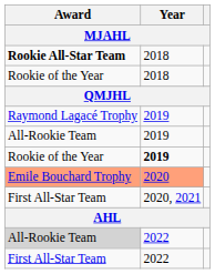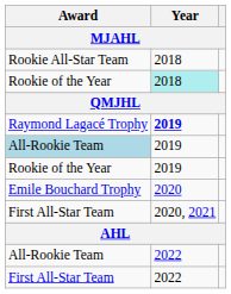 <table class="wikitable">
 <tr>
 <th>Award</th>
 <th>Year</th>
 <th></th>
 </tr>
 <tr ALIGN="center" bgcolor="#e0e0e0">
 <th colspan="3"><a href='#'>MJAHL</a></th>
 </tr>
 <tr>
-<td><strong>Rookie All-Star Team</strong></td>
+<td>Rookie All-Star Team</td>
 <td>2018</td>
 <td></td>
 </tr>
 <tr>
 <td>Rookie of the Year</td>
-<td>2018</td>
+<td style="background: paleturquoise;">2018</td>
 <td></td>
 </tr>
 <tr ALIGN="center" bgcolor="#e0e0e0">
 <th colspan="3"><a href='#'>QMJHL</a></th>
 </tr>
 <tr>
 <td><a href='#'>Raymond Lagacé Trophy</a></td>
-<td><a href='#'>2019</a></td>
+<td><strong><a href='#'>2019</a></strong></td>
 <td></td>
 </tr>
 <tr>
-<td>All-Rookie Team</td>
+<td style="background: lightblue;">All-Rookie Team</td>
 <td>2019</td>
 <td></td>
 </tr>
 <tr>
 <td>Rookie of the Year</td>
-<td><strong>2019</strong></td>
+<td>2019</td>
 <td></td>
 </tr>
 <tr>
-<td style="background: lightsalmon;"><a href='#'>Emile Bouchard Trophy</a></td>
-<td style="background: lightsalmon;"><a href='#'>2020</a></td>
+<td><a href='#'>Emile Bouchard Trophy</a></td>
+<td><a href='#'>2020</a></td>
 <td></td>
 </tr>
 <tr>
 <td>First All-Star Team</td>
 <td>2020, <a href='#'>2021</a></td>
 <td></td>
 </tr>
 <tr ALIGN="center" bgcolor="#e0e0e0">
 <th colspan="3"><a href='#'>AHL</a></th>
 </tr>
 <tr>
-<td style="background: lightgrey;">All-Rookie Team</td>
+<td>All-Rookie Team</td>
 <td><a href='#'>2022</a></td>
 <td></td>
 </tr>
 <tr>
 <td><a href='#'>First All-Star Team</a></td>
 <td>2022</td>
 <td></td>
 </tr>
 </table>
